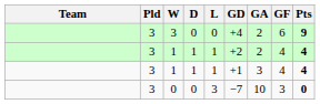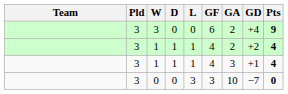 <table class="wikitable" style="text-align:center;">
 <tr>
 <th width=175>Team</th>
 <th width=20>Pld</th>
 <th width=20>W</th>
 <th width=20>D</th>
 <th width=20>L</th>
+<th width=20>GF</th>
+<th width=20>GA</th>
 <th width=20>GD</th>
-<th width=20>GA</th>
-<th width=20>GF</th>
 <th width=20>Pts</th>
 </tr>
 <tr bgcolor="ccffcc">
 <td align="left"></td>
 <td>3</td>
 <td>3</td>
 <td>0</td>
 <td>0</td>
+<td>6</td>
+<td>2</td>
 <td>+4</td>
-<td>2</td>
-<td>6</td>
 <td><strong>9</strong></td>
 </tr>
 <tr bgcolor="ccffcc">
 <td align="left"></td>
 <td>3</td>
 <td>1</td>
 <td>1</td>
 <td>1</td>
+<td>4</td>
+<td>2</td>
 <td>+2</td>
-<td>2</td>
-<td>4</td>
 <td><strong>4</strong></td>
 </tr>
 <tr>
 <td align="left"></td>
 <td>3</td>
 <td>1</td>
 <td>1</td>
 <td>1</td>
+<td>4</td>
+<td>3</td>
 <td>+1</td>
-<td>3</td>
-<td>4</td>
 <td><strong>4</strong></td>
 </tr>
 <tr>
 <td align="left"></td>
 <td>3</td>
 <td>0</td>
 <td>0</td>
 <td>3</td>
+<td>3</td>
+<td>10</td>
 <td>−7</td>
-<td>10</td>
-<td>3</td>
 <td><strong>0</strong></td>
 </tr>
 </table>
